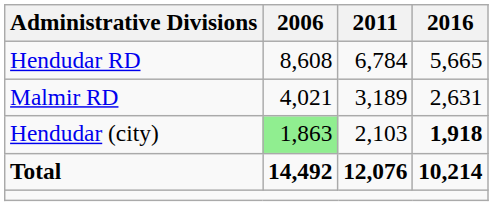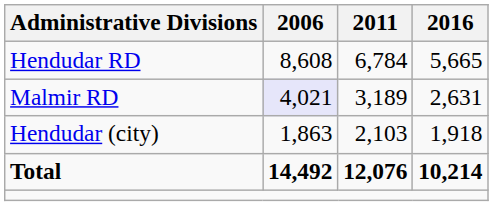 <table class="wikitable">
 <tr>
 <th>Administrative Divisions</th>
 <th>2006</th>
 <th>2011</th>
 <th>2016</th>
 </tr>
 <tr>
 <td><a href='#'>Hendudar RD</a></td>
 <td style="text-align: right;">8,608</td>
 <td style="text-align: right;">6,784</td>
 <td style="text-align: right;">5,665</td>
 </tr>
 <tr>
 <td><a href='#'>Malmir RD</a></td>
-<td style="text-align: right;">4,021</td>
+<td style="background: lavender; text-align: right;">4,021</td>
 <td style="text-align: right;">3,189</td>
 <td style="text-align: right;">2,631</td>
 </tr>
 <tr>
 <td><a href='#'>Hendudar</a> (city)</td>
-<td style="background: lightgreen; text-align: right;">1,863</td>
+<td style="text-align: right;">1,863</td>
 <td style="text-align: right;">2,103</td>
-<td style="text-align: right;"><strong>1,918</strong></td>
+<td style="text-align: right;">1,918</td>
 </tr>
 <tr>
 <td><strong>Total</strong></td>
 <td style="text-align: right;"><strong>14,492</strong></td>
 <td style="text-align: right;"><strong>12,076</strong></td>
 <td style="text-align: right;"><strong>10,214</strong></td>
 </tr>
 <tr>
 <td colspan=4></td>
 </tr>
 </table>
